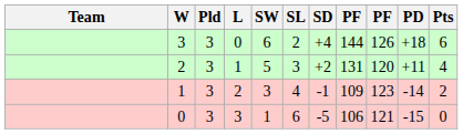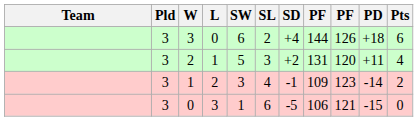 <table class=wikitable style="text-align:center">
 <tr>
 <th width=160>Team</th>
+<th width=20>Pld</th>
 <th width=20>W</th>
-<th width=20>Pld</th>
 <th width=20>L</th>
 <th width=20>SW</th>
 <th width=20>SL</th>
 <th width=20>SD</th>
 <th width=20>PF</th>
 <th width=20>PF</th>
 <th width=20>PD</th>
 <th width=20>Pts</th>
 </tr>
 <tr bgcolor="ccffcc">
 <td align=left></td>
 <td>3</td>
 <td>3</td>
 <td>0</td>
 <td>6</td>
 <td>2</td>
 <td>+4</td>
 <td>144</td>
 <td>126</td>
 <td>+18</td>
 <td>6</td>
 </tr>
 <tr bgcolor="ccffcc">
 <td align=left></td>
+<td>3</td>
 <td>2</td>
-<td>3</td>
 <td>1</td>
 <td>5</td>
 <td>3</td>
 <td>+2</td>
 <td>131</td>
 <td>120</td>
 <td>+11</td>
 <td>4</td>
 </tr>
 <tr bgcolor="ffcccc">
 <td align=left></td>
+<td>3</td>
 <td>1</td>
-<td>3</td>
 <td>2</td>
 <td>3</td>
 <td>4</td>
 <td>-1</td>
 <td>109</td>
 <td>123</td>
 <td>-14</td>
 <td>2</td>
 </tr>
 <tr bgcolor="ffcccc">
 <td align=left></td>
+<td>3</td>
 <td>0</td>
-<td>3</td>
 <td>3</td>
 <td>1</td>
 <td>6</td>
 <td>-5</td>
 <td>106</td>
 <td>121</td>
 <td>-15</td>
 <td>0</td>
 </tr>
 </table>
